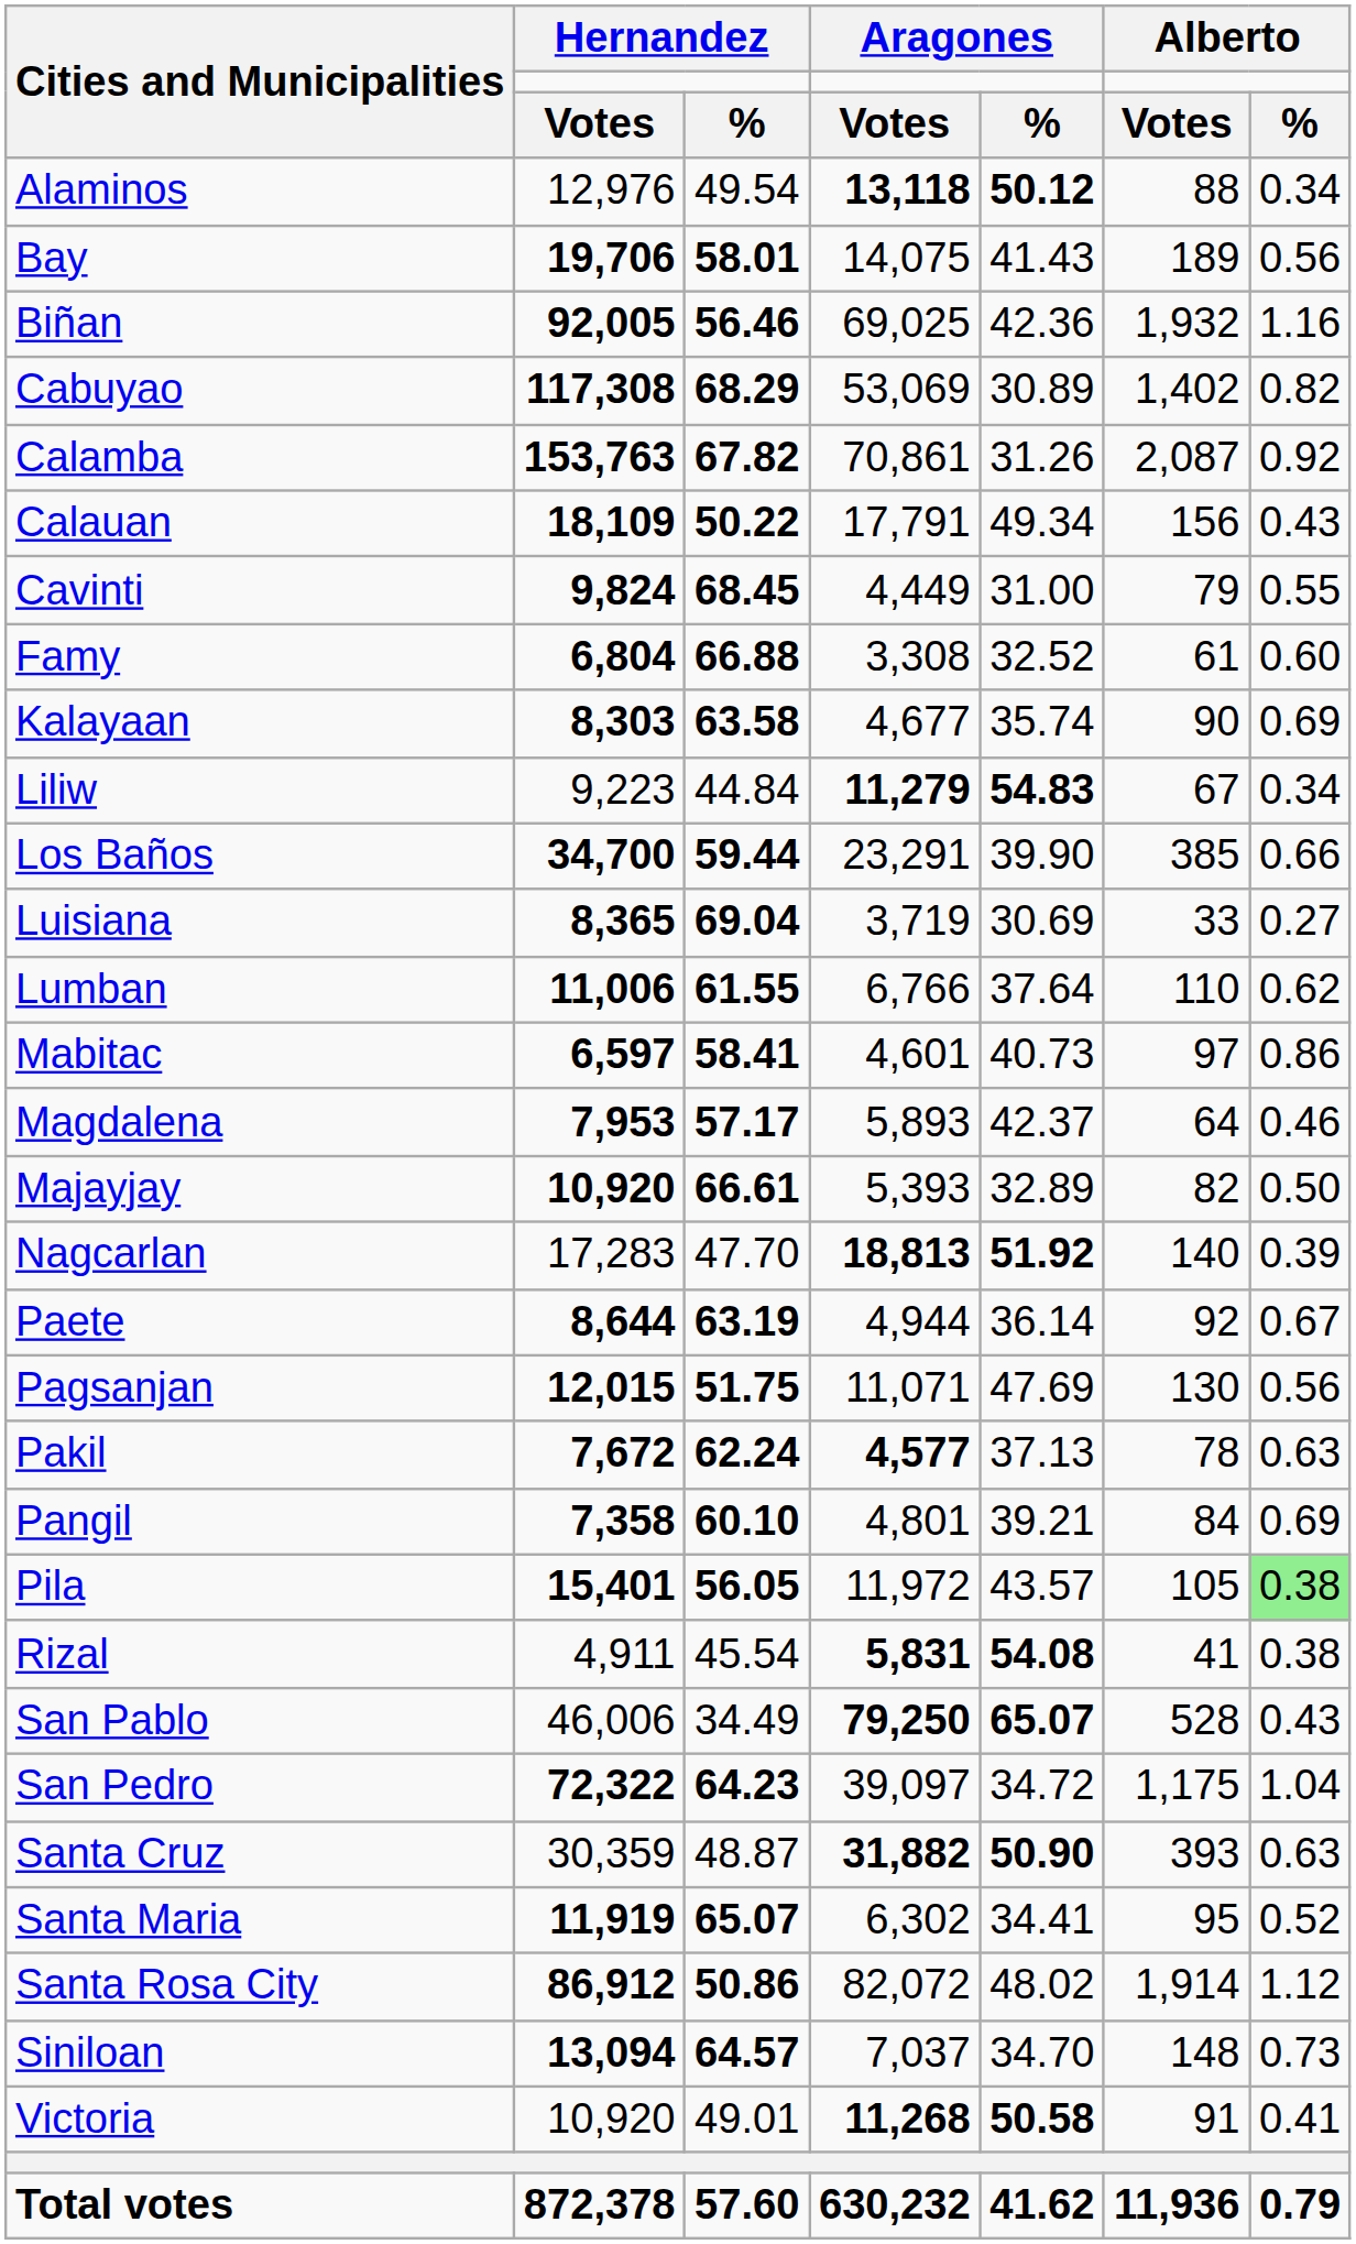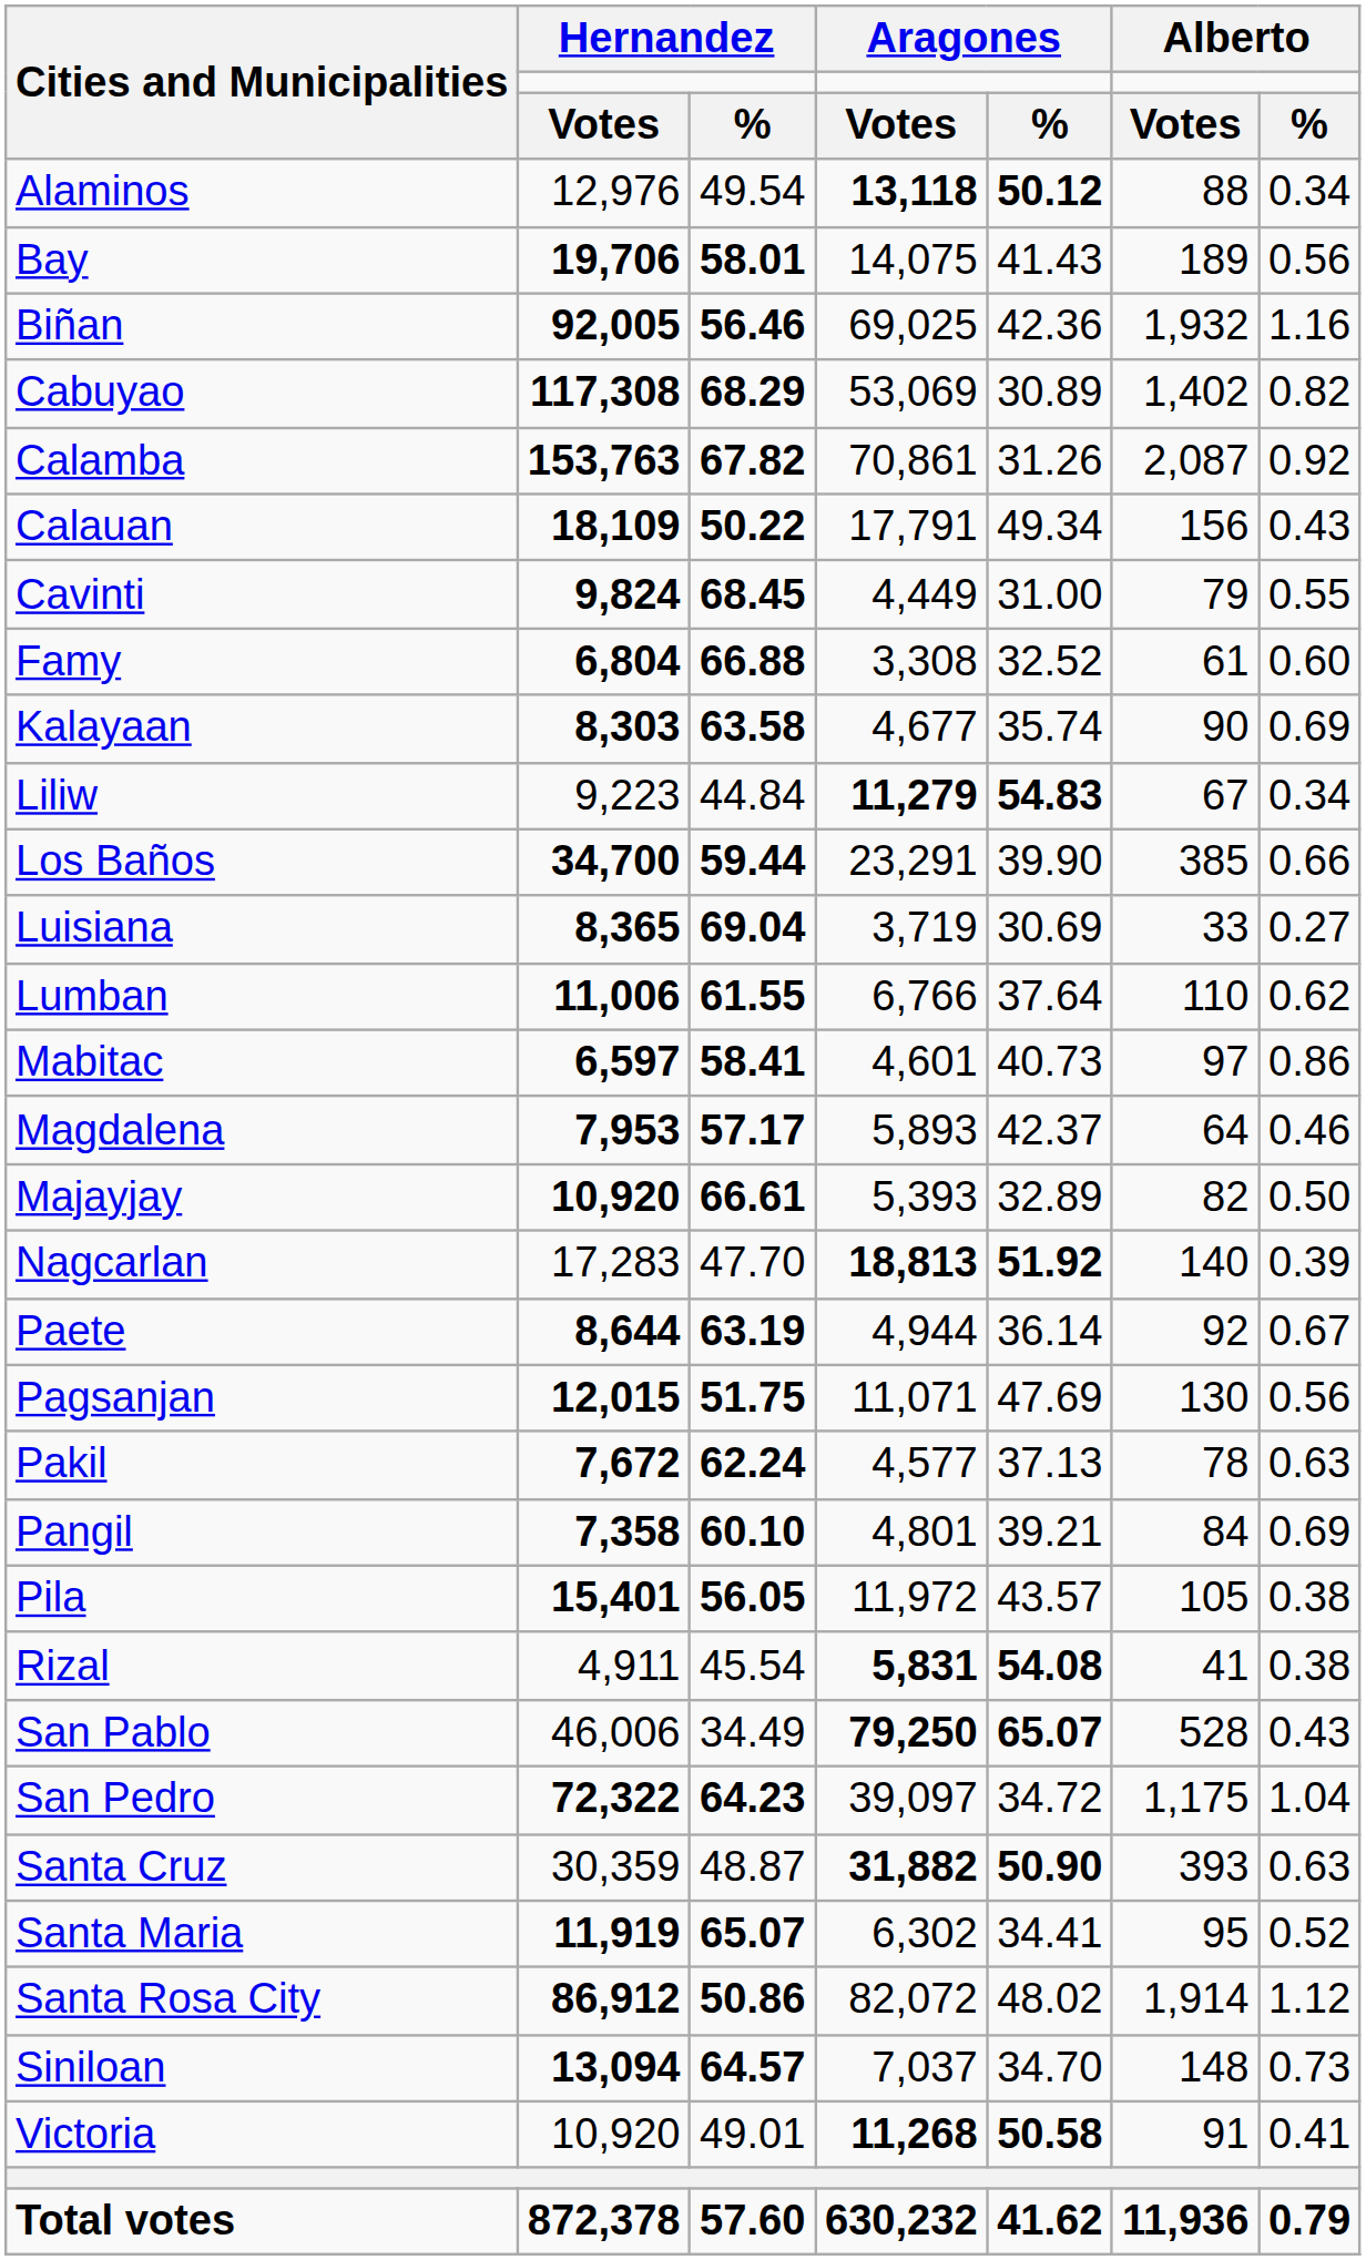 <table class="wikitable" style="text-align:right">
 <tr>
 <th rowspan="3">Cities and Municipalities</th>
 <th colspan="2"><a href='#'>Hernandez</a></th>
 <th colspan="2"><a href='#'>Aragones</a></th>
 <th colspan="2">Alberto</th>
 </tr>
 <tr>
 <td colspan="2" style="background:"></td>
 <td colspan="2" style="background:"></td>
 <td colspan="2" style="background:"></td>
 </tr>
 <tr>
 <th>Votes</th>
 <th>%</th>
 <th>Votes</th>
 <th>%</th>
 <th>Votes</th>
 <th>%</th>
 </tr>
 <tr>
 <td align="left"><a href='#'>Alaminos</a></td>
 <td>12,976</td>
 <td>49.54</td>
 <td style="background:"><strong>13,118</strong></td>
 <td style="background:"><strong>50.12</strong></td>
 <td>88</td>
 <td>0.34</td>
 </tr>
 <tr>
 <td align="left"><a href='#'>Bay</a></td>
 <td style="background:"><strong>19,706</strong></td>
 <td style="background:"><strong>58.01</strong></td>
 <td>14,075</td>
 <td>41.43</td>
 <td>189</td>
 <td>0.56</td>
 </tr>
 <tr>
 <td align="left"><a href='#'>Biñan</a></td>
 <td style="background:"><strong>92,005</strong></td>
 <td style="background:"><strong>56.46</strong></td>
 <td>69,025</td>
 <td>42.36</td>
 <td>1,932</td>
 <td>1.16</td>
 </tr>
 <tr>
 <td align="left"><a href='#'>Cabuyao</a></td>
 <td style="background:"><strong>117,308</strong></td>
 <td style="background:"><strong>68.29</strong></td>
 <td>53,069</td>
 <td>30.89</td>
 <td>1,402</td>
 <td>0.82</td>
 </tr>
 <tr>
 <td align="left"><a href='#'>Calamba</a></td>
 <td style="background:"><strong>153,763</strong></td>
 <td style="background:"><strong>67.82</strong></td>
 <td>70,861</td>
 <td>31.26</td>
 <td>2,087</td>
 <td>0.92</td>
 </tr>
 <tr>
 <td align="left"><a href='#'>Calauan</a></td>
 <td style="background:"><strong>18,109</strong></td>
 <td style="background:"><strong>50.22</strong></td>
 <td>17,791</td>
 <td>49.34</td>
 <td>156</td>
 <td>0.43</td>
 </tr>
 <tr>
 <td align="left"><a href='#'>Cavinti</a></td>
 <td style="background:"><strong>9,824</strong></td>
 <td style="background:"><strong>68.45</strong></td>
 <td>4,449</td>
 <td>31.00</td>
 <td>79</td>
 <td>0.55</td>
 </tr>
 <tr>
 <td align="left"><a href='#'>Famy</a></td>
 <td style="background:"><strong>6,804</strong></td>
 <td style="background:"><strong>66.88</strong></td>
 <td>3,308</td>
 <td>32.52</td>
 <td>61</td>
 <td>0.60</td>
 </tr>
 <tr>
 <td align="left"><a href='#'>Kalayaan</a></td>
 <td style="background:"><strong>8,303</strong></td>
 <td style="background:"><strong>63.58</strong></td>
 <td>4,677</td>
 <td>35.74</td>
 <td>90</td>
 <td>0.69</td>
 </tr>
 <tr>
 <td align="left"><a href='#'>Liliw</a></td>
 <td>9,223</td>
 <td>44.84</td>
 <td style="background:"><strong>11,279</strong></td>
 <td style="background:"><strong>54.83</strong></td>
 <td>67</td>
 <td>0.34</td>
 </tr>
 <tr>
 <td align="left"><a href='#'>Los Baños</a></td>
 <td style="background:"><strong>34,700</strong></td>
 <td style="background:"><strong>59.44</strong></td>
 <td>23,291</td>
 <td>39.90</td>
 <td>385</td>
 <td>0.66</td>
 </tr>
 <tr>
 <td align="left"><a href='#'>Luisiana</a></td>
 <td style="background:"><strong>8,365</strong></td>
 <td style="background:"><strong>69.04</strong></td>
 <td>3,719</td>
 <td>30.69</td>
 <td>33</td>
 <td>0.27</td>
 </tr>
 <tr>
 <td align="left"><a href='#'>Lumban</a></td>
 <td style="background:"><strong>11,006</strong></td>
 <td style="background:"><strong>61.55</strong></td>
 <td>6,766</td>
 <td>37.64</td>
 <td>110</td>
 <td>0.62</td>
 </tr>
 <tr>
 <td align="left"><a href='#'>Mabitac</a></td>
 <td style="background:"><strong>6,597</strong></td>
 <td style="background:"><strong>58.41</strong></td>
 <td>4,601</td>
 <td>40.73</td>
 <td>97</td>
 <td>0.86</td>
 </tr>
 <tr>
 <td align="left"><a href='#'>Magdalena</a></td>
 <td style="background:"><strong>7,953</strong></td>
 <td style="background:"><strong>57.17</strong></td>
 <td>5,893</td>
 <td>42.37</td>
 <td>64</td>
 <td>0.46</td>
 </tr>
 <tr>
 <td align="left"><a href='#'>Majayjay</a></td>
 <td style="background:"><strong>10,920</strong></td>
 <td style="background:"><strong>66.61</strong></td>
 <td>5,393</td>
 <td>32.89</td>
 <td>82</td>
 <td>0.50</td>
 </tr>
 <tr>
 <td align="left"><a href='#'>Nagcarlan</a></td>
 <td>17,283</td>
 <td>47.70</td>
 <td style="background:"><strong>18,813</strong></td>
 <td style="background:"><strong>51.92</strong></td>
 <td>140</td>
 <td>0.39</td>
 </tr>
 <tr>
 <td align="left"><a href='#'>Paete</a></td>
 <td style="background:"><strong>8,644</strong></td>
 <td style=background:><strong>63.19</strong></td>
 <td>4,944</td>
 <td>36.14</td>
 <td>92</td>
 <td>0.67</td>
 </tr>
 <tr>
 <td align="left"><a href='#'>Pagsanjan</a></td>
 <td style="background:"><strong>12,015</strong></td>
 <td style="background:"><strong>51.75</strong></td>
 <td>11,071</td>
 <td>47.69</td>
 <td>130</td>
 <td>0.56</td>
 </tr>
 <tr>
 <td align="left"><a href='#'>Pakil</a></td>
 <td style="background:"><strong>7,672</strong></td>
 <td style="background:"><strong>62.24</strong></td>
-<td><strong>4,577</strong></td>
+<td>4,577</td>
 <td>37.13</td>
 <td>78</td>
 <td>0.63</td>
 </tr>
 <tr>
 <td align="left"><a href='#'>Pangil</a></td>
 <td style="background:"><strong>7,358</strong></td>
 <td style="background:"><strong>60.10</strong></td>
 <td>4,801</td>
 <td>39.21</td>
 <td>84</td>
 <td>0.69</td>
 </tr>
 <tr>
 <td align="left"><a href='#'>Pila</a></td>
 <td style="background:"><strong>15,401</strong></td>
 <td style="background:"><strong>56.05</strong></td>
 <td>11,972</td>
 <td>43.57</td>
 <td>105</td>
-<td style="background: lightgreen;">0.38</td>
+<td>0.38</td>
 </tr>
 <tr>
 <td align="left"><a href='#'>Rizal</a></td>
 <td>4,911</td>
 <td>45.54</td>
 <td style="background:"><strong>5,831</strong></td>
 <td style="background:"><strong>54.08</strong></td>
 <td>41</td>
 <td>0.38</td>
 </tr>
 <tr>
 <td align="left"><a href='#'>San Pablo</a></td>
 <td>46,006</td>
 <td>34.49</td>
 <td style="background:"><strong>79,250</strong></td>
 <td style="background:"><strong>65.07</strong></td>
 <td>528</td>
 <td>0.43</td>
 </tr>
 <tr>
 <td align="left"><a href='#'>San Pedro</a></td>
 <td style="background:"><strong>72,322</strong></td>
 <td style="background:"><strong>64.23</strong></td>
 <td>39,097</td>
 <td>34.72</td>
 <td>1,175</td>
 <td>1.04</td>
 </tr>
 <tr>
 <td align="left"><a href='#'>Santa Cruz</a></td>
 <td>30,359</td>
 <td>48.87</td>
 <td style="background:"><strong>31,882</strong></td>
 <td style="background:"><strong>50.90</strong></td>
 <td>393</td>
 <td>0.63</td>
 </tr>
 <tr>
 <td align="left"><a href='#'>Santa Maria</a></td>
 <td style="background:"><strong>11,919</strong></td>
 <td style="background:"><strong>65.07</strong></td>
 <td>6,302</td>
 <td>34.41</td>
 <td>95</td>
 <td>0.52</td>
 </tr>
 <tr>
 <td align="left"><a href='#'>Santa Rosa City</a></td>
 <td style="background:"><strong>86,912</strong></td>
 <td style="background:"><strong>50.86</strong></td>
 <td>82,072</td>
 <td>48.02</td>
 <td>1,914</td>
 <td>1.12</td>
 </tr>
 <tr>
 <td align="left"><a href='#'>Siniloan</a></td>
 <td style="background:"><strong>13,094</strong></td>
 <td style="background:"><strong>64.57</strong></td>
 <td>7,037</td>
 <td>34.70</td>
 <td>148</td>
 <td>0.73</td>
 </tr>
 <tr>
 <td align="left"><a href='#'>Victoria</a></td>
 <td>10,920</td>
 <td>49.01</td>
 <td style="background:"><strong>11,268</strong></td>
 <td style="background:"><strong>50.58</strong></td>
 <td>91</td>
 <td>0.41</td>
 </tr>
 <tr>
 <th colspan="7"></th>
 </tr>
 <tr>
 <td align="left"><strong>Total votes</strong></td>
 <td style="background:"><strong>872,378</strong></td>
 <td style="background:"><strong>57.60</strong></td>
 <td><strong>630,232</strong></td>
 <td><strong>41.62</strong></td>
 <td><strong>11,936</strong></td>
 <td><strong>0.79</strong></td>
 </tr>
 <tr>
 </tr>
 </table>
